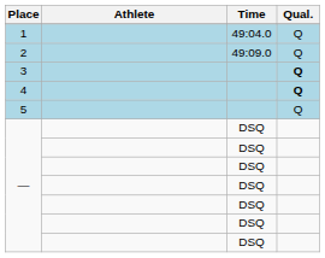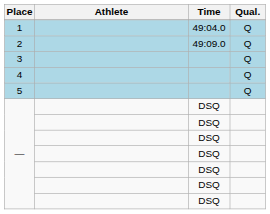 <table class=wikitable style="text-align:center">
 <tr>
 <th width=20>Place</th>
 <th width=240>Athlete</th>
 <th width=60>Time</th>
 <th width=50>Qual.</th>
 </tr>
 <tr>
 </tr>
 <tr bgcolor=lightblue>
 <td>1</td>
 <td align=left></td>
 <td>49:04.0</td>
 <td>Q</td>
 </tr>
 <tr bgcolor=lightblue>
 <td>2</td>
 <td align=left></td>
 <td>49:09.0</td>
 <td>Q</td>
 </tr>
 <tr bgcolor=lightblue>
 <td>3</td>
 <td align=left></td>
 <td></td>
-<td><strong>Q</strong></td>
+<td>Q</td>
 </tr>
 <tr bgcolor=lightblue>
 <td>4</td>
 <td align=left></td>
 <td></td>
-<td><strong>Q</strong></td>
+<td>Q</td>
 </tr>
 <tr bgcolor=lightblue>
 <td>5</td>
 <td align=left></td>
 <td></td>
 <td>Q</td>
 </tr>
 <tr>
 <td rowspan=7>—</td>
 <td align=left></td>
 <td>DSQ</td>
 <td></td>
 </tr>
 <tr>
 <td align=left></td>
 <td>DSQ</td>
 <td></td>
 </tr>
 <tr>
 <td align=left></td>
 <td>DSQ</td>
 <td></td>
 </tr>
 <tr>
 <td align=left></td>
 <td>DSQ</td>
 <td></td>
 </tr>
 <tr>
 <td align=left></td>
 <td>DSQ</td>
 <td></td>
 </tr>
 <tr>
 <td align=left></td>
 <td>DSQ</td>
 <td></td>
 </tr>
 <tr>
 <td align=left></td>
 <td>DSQ</td>
 <td></td>
 </tr>
 </table>
